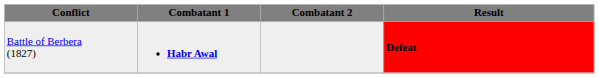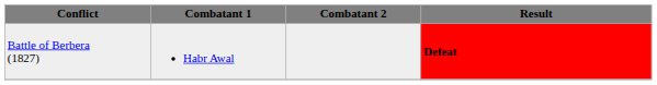 <table class="wikitable">
 <tr>
 <th style="background:grey" width="190"><span>Conflict</span></th>
 <th style="background:grey" width="175"><span>Combatant 1</span></th>
 <th style="background:grey" width="175"><span>Combatant 2</span></th>
 <th style="background:grey" width="305"><span>Result</span></th>
 </tr>
 <tr>
 <td style="background:#efefef"><a href='#'>Battle of Berbera</a><br>(1827)</td>
-<td style="background:#efefef"><strong><br><ul><li> <a href='#'>Habr Awal</a></li></ul></strong></td>
+<td style="background:#efefef"><br><ul><li> <a href='#'>Habr Awal</a></li></ul></td>
 <td style="background:#efefef"> <br> </td>
 <td style="background:Red"><strong>Defeat</strong></td>
 </tr>
 <tr>
 </tr>
 </table>
